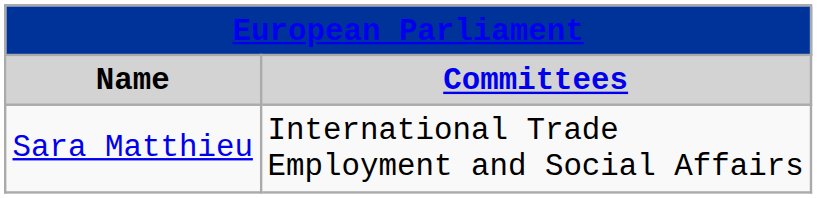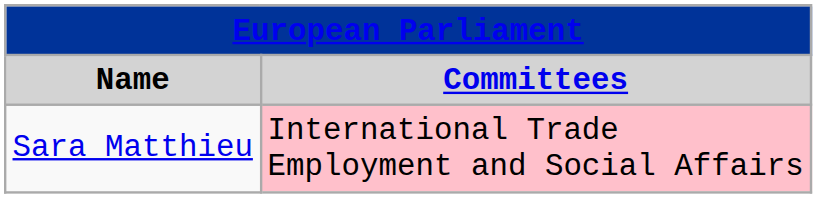 <table class="wikitable">
 <tr>
 <th style="background: #003399;" colspan="2"><a href='#'><span>European Parliament</span></a></th>
 </tr>
 <tr>
 <th style="background:LightGrey;">Name</th>
 <th style="background:LightGrey;"><a href='#'>Committees</a></th>
 </tr>
 <tr>
 <td><a href='#'>Sara Matthieu</a></td>
-<td>International Trade <br> Employment and Social Affairs</td>
+<td style="background: pink;">International Trade <br> Employment and Social Affairs</td>
 </tr>
 </table>
